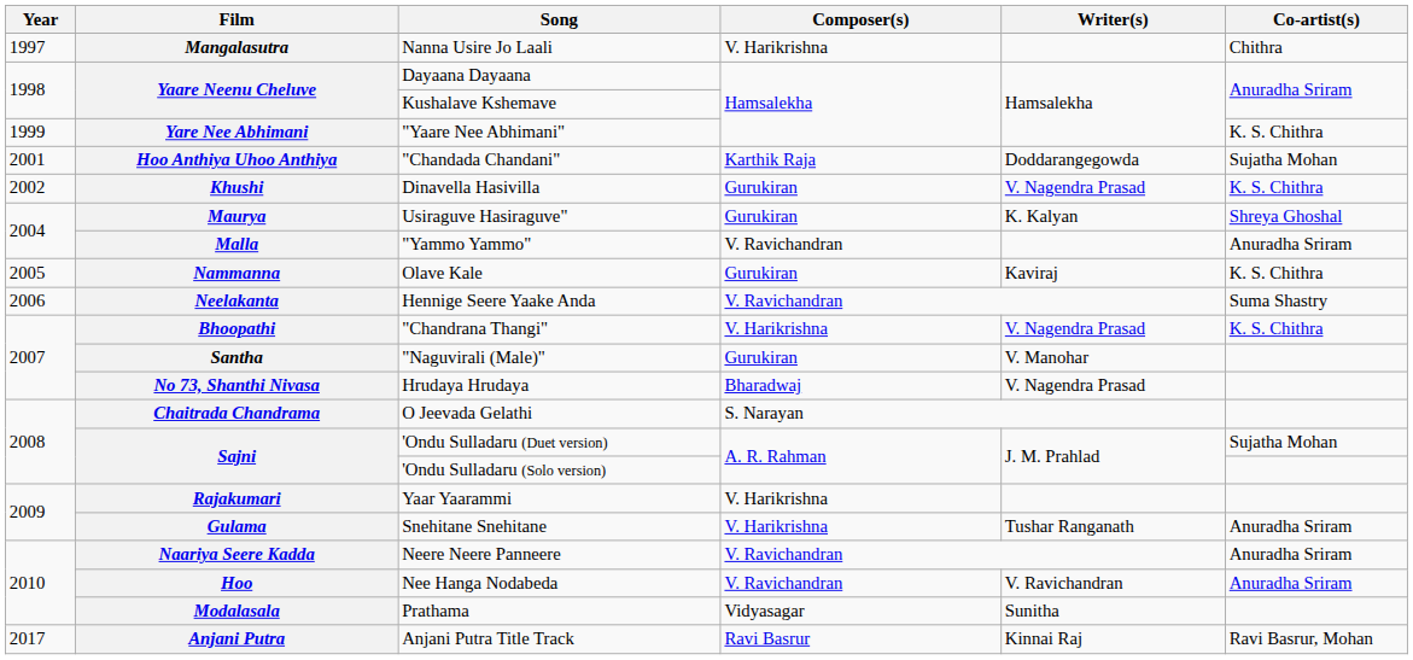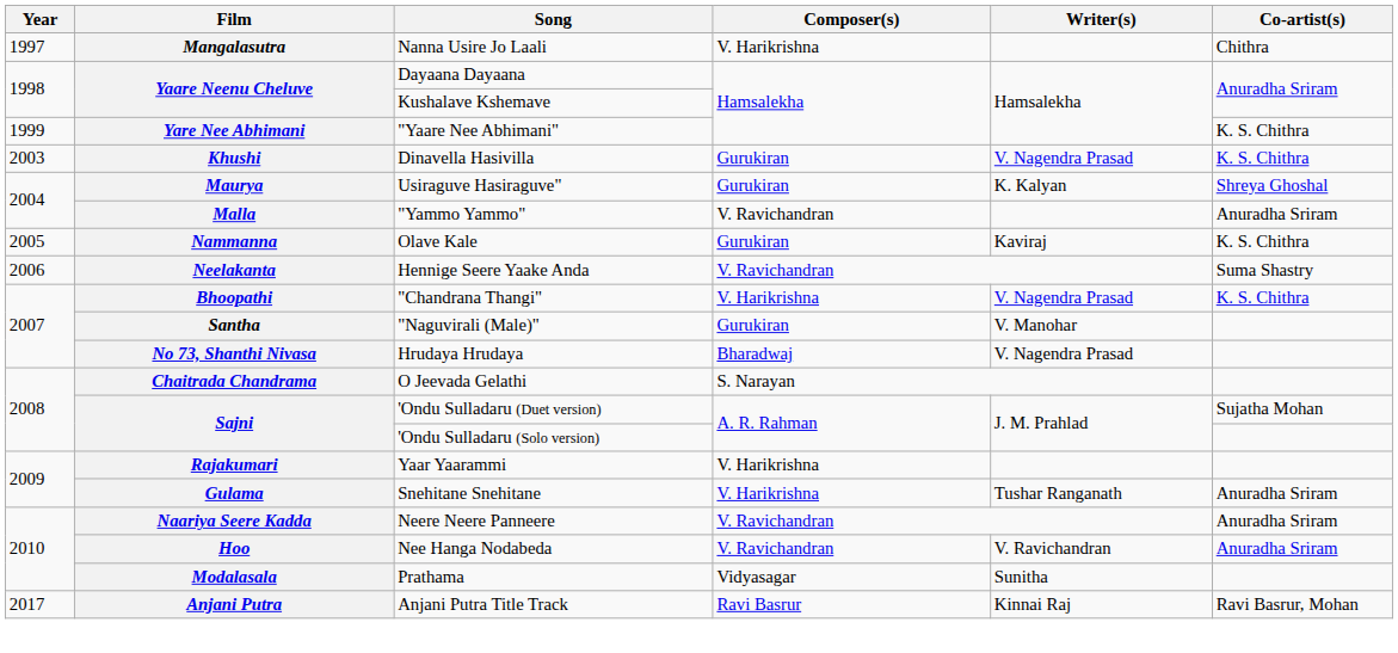 <table class="wikitable plainrowheaders" width="100%" textcolor:#000;">
 <tr style="background:#b0e0e66;">
 <th scope="col" width=5%><strong>Year</strong></th>
 <th scope="col" width=23%><strong>Film</strong></th>
 <th scope="col" width=23%><strong>Song</strong></th>
 <th scope="col" width=20%><strong>Composer(s)</strong></th>
 <th scope="col" width=16%><strong>Writer(s)</strong></th>
 <th scope="col" width=18%><strong>Co-artist(s)</strong></th>
 </tr>
 <tr>
 <td>1997</td>
 <th><em>Mangalasutra</em></th>
 <td>Nanna Usire Jo Laali</td>
 <td>V. Harikrishna</td>
 <td></td>
 <td>Chithra</td>
 </tr>
 <tr>
 <td rowspan=2>1998</td>
 <th rowspan=2><em><a href='#'>Yaare Neenu Cheluve</a></em></th>
 <td>Dayaana Dayaana</td>
 <td rowspan=3><a href='#'>Hamsalekha</a></td>
 <td rowspan=3>Hamsalekha</td>
 <td rowspan=2><a href='#'>Anuradha Sriram</a></td>
 </tr>
 <tr>
 <td>Kushalave Kshemave</td>
 </tr>
 <tr>
 <td>1999</td>
 <th><em><a href='#'>Yare Nee Abhimani</a></em></th>
 <td>"Yaare Nee Abhimani"</td>
 <td>K. S. Chithra</td>
 </tr>
 <tr>
-<td>2001</td>
-<th><em><a href='#'>Hoo Anthiya Uhoo Anthiya</a></em></th>
-<td>"Chandada Chandani"</td>
-<td><a href='#'>Karthik Raja</a></td>
-<td>Doddarangegowda</td>
-<td>Sujatha Mohan</td>
-</tr>
-<tr>
-<td>2002</td>
+<td>2003</td>
 <th><em><a href='#'>Khushi</a></em></th>
 <td>Dinavella Hasivilla</td>
 <td><a href='#'>Gurukiran</a></td>
 <td><a href='#'>V. Nagendra Prasad</a></td>
 <td><a href='#'>K. S. Chithra</a></td>
 </tr>
 <tr>
 <td rowspan=2>2004</td>
 <th><em><a href='#'>Maurya</a></em></th>
 <td>Usiraguve Hasiraguve"</td>
 <td><a href='#'>Gurukiran</a></td>
 <td>K. Kalyan</td>
 <td><a href='#'>Shreya Ghoshal</a></td>
 </tr>
 <tr>
 <th><em><a href='#'>Malla</a></em></th>
 <td>"Yammo Yammo"</td>
 <td>V. Ravichandran</td>
 <td></td>
 <td>Anuradha Sriram</td>
 </tr>
 <tr>
 <td>2005</td>
 <th><em><a href='#'>Nammanna</a></em></th>
 <td>Olave Kale</td>
 <td><a href='#'>Gurukiran</a></td>
 <td>Kaviraj</td>
 <td>K. S. Chithra</td>
 </tr>
 <tr>
 <td>2006</td>
 <th><em><a href='#'>Neelakanta</a></em></th>
 <td>Hennige Seere Yaake Anda</td>
 <td colspan="2"><a href='#'>V. Ravichandran</a></td>
 <td>Suma Shastry</td>
 </tr>
 <tr>
 <td rowspan=3>2007</td>
 <th><em><a href='#'>Bhoopathi</a></em></th>
 <td>"Chandrana Thangi"</td>
 <td><a href='#'>V. Harikrishna</a></td>
 <td><a href='#'>V. Nagendra Prasad</a></td>
 <td><a href='#'>K. S. Chithra</a></td>
 </tr>
 <tr>
 <th><em>Santha</em></th>
 <td>"Naguvirali (Male)"</td>
 <td><a href='#'>Gurukiran</a></td>
 <td>V. Manohar</td>
 <td></td>
 </tr>
 <tr>
 <th><em><a href='#'>No 73, Shanthi Nivasa</a></em></th>
 <td>Hrudaya Hrudaya</td>
 <td><a href='#'>Bharadwaj</a></td>
 <td>V. Nagendra Prasad</td>
 <td></td>
 </tr>
 <tr>
 <td rowspan=3>2008</td>
 <th><em><a href='#'>Chaitrada Chandrama</a></em></th>
 <td>O Jeevada Gelathi</td>
 <td colspan="2">S. Narayan</td>
 <td></td>
 </tr>
 <tr>
 <th Rowspan=2><em><a href='#'>Sajni</a></em></th>
 <td>'Ondu Sulladaru <small>(Duet version)</small></td>
 <td rowspan=2><a href='#'>A. R. Rahman</a></td>
 <td rowspan=2>J. M. Prahlad</td>
 <td>Sujatha Mohan</td>
 </tr>
 <tr>
 <td>'Ondu Sulladaru <small>(Solo version)</small></td>
 <td></td>
 </tr>
 <tr>
 <td rowspan=2>2009</td>
 <th><em><a href='#'>Rajakumari</a></em></th>
 <td>Yaar Yaarammi</td>
 <td>V. Harikrishna</td>
 <td></td>
 <td></td>
 </tr>
 <tr>
 <th><em><a href='#'>Gulama</a></em></th>
 <td>Snehitane Snehitane</td>
 <td><a href='#'>V. Harikrishna</a></td>
 <td>Tushar Ranganath</td>
 <td>Anuradha Sriram</td>
 </tr>
 <tr>
 <td rowspan=3>2010</td>
 <th><em><a href='#'>Naariya Seere Kadda</a></em></th>
 <td>Neere Neere Panneere</td>
 <td colspan=2><a href='#'>V. Ravichandran</a></td>
 <td>Anuradha Sriram</td>
 </tr>
 <tr>
 <th><em><a href='#'>Hoo</a></em></th>
 <td>Nee Hanga Nodabeda</td>
 <td><a href='#'>V. Ravichandran</a></td>
 <td>V. Ravichandran</td>
 <td><a href='#'>Anuradha Sriram</a></td>
 </tr>
 <tr>
 <th><em><a href='#'>Modalasala</a></em></th>
 <td>Prathama</td>
 <td>Vidyasagar</td>
 <td>Sunitha</td>
 </tr>
 <tr>
 <td>2017</td>
 <th><em><a href='#'>Anjani Putra</a></em></th>
 <td>Anjani Putra Title Track</td>
 <td><a href='#'>Ravi Basrur</a></td>
 <td>Kinnai Raj</td>
 <td>Ravi Basrur, Mohan</td>
 </tr>
 </table>
